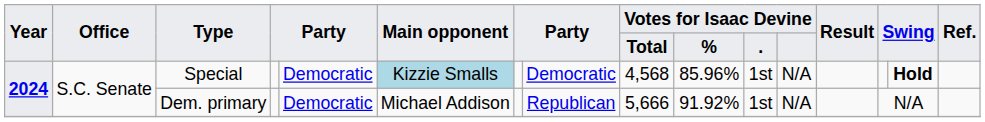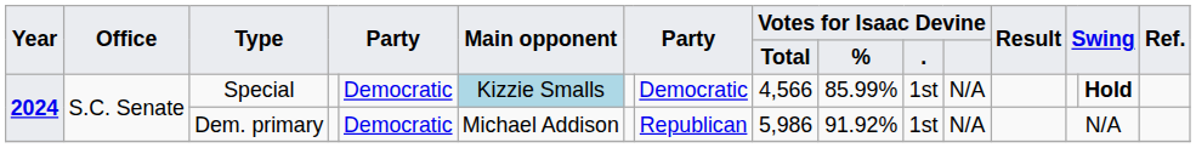 <table class="wikitable" style="font-size: 90%; text-align:center;">
 <tr>
 <th style="background-color:#EAECF0;" rowspan=2>Year</th>
 <th style="background-color:#EAECF0;" rowspan=2>Office</th>
 <th style="background-color:#EAECF0;" rowspan=2>Type</th>
 <th style="background-color:#EAECF0;" colspan=2 rowspan=2>Party</th>
 <th style="background-color:#EAECF0;" rowspan=2>Main opponent</th>
 <th style="background-color:#EAECF0;" colspan=2 rowspan=2>Party</th>
 <th style="background-color:#EAECF0;" colspan=4>Votes for Isaac Devine</th>
 <th style="background-color:#EAECF0;" rowspan=2>Result</th>
 <th style="background-color:#EAECF0;" colspan=2 rowspan=2><a href='#'>Swing</a></th>
 <th style="background-color:#EAECF0;" colspan=2 rowspan=2>Ref.</th>
 </tr>
 <tr>
 <th style="background-color:#EAECF0;">Total</th>
 <th style="background-color:#EAECF0;">%</th>
 <th style="background-color:#EAECF0;">.</th>
 <th style="background-color:#EAECF0;"></th>
 </tr>
 <tr>
 <th rowspan=2 style="background-color:#EAECF0;"><a href='#'>2024</a></th>
 <td rowspan=2>S.C. Senate</td>
 <td>Special</td>
 <td style="background-color:"></td>
 <td><a href='#'>Democratic</a></td>
 <td style="background: lightblue;">Kizzie Smalls</td>
 <td style="background-color:"></td>
 <td><a href='#'>Democratic</a></td>
-<td>4,568</td>
-<td>85.96%</td>
+<td>4,566</td>
+<td>85.99%</td>
 <td>1st</td>
 <td>N/A</td>
 <td></td>
 <td style="background-color:"></td>
 <td><strong>Hold</strong></td>
 <td></td>
 </tr>
 <tr>
 <td>Dem. primary</td>
 <td style="background-color:"></td>
 <td><a href='#'>Democratic</a></td>
 <td>Michael Addison</td>
 <td style="background-color:"></td>
 <td><a href='#'>Republican</a></td>
-<td>5,666</td>
+<td>5,986</td>
 <td>91.92%</td>
 <td>1st</td>
 <td>N/A</td>
 <td></td>
 <td colspan=2>N/A</td>
 <td></td>
 </tr>
 <tr>
 </tr>
 </table>
